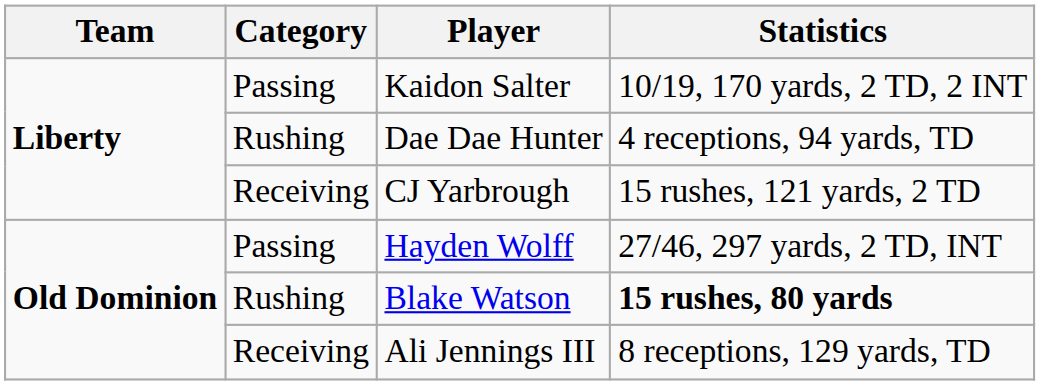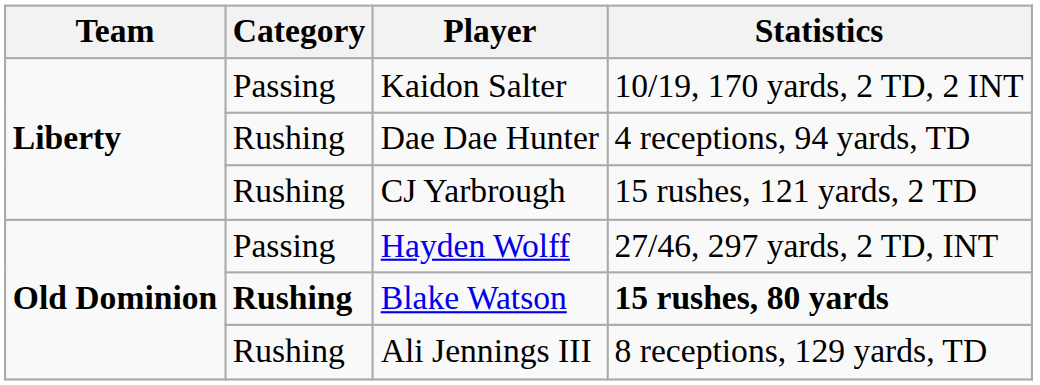 <table class="wikitable" style="float: left;">
 <tr>
 <th>Team</th>
 <th>Category</th>
 <th>Player</th>
 <th>Statistics</th>
 </tr>
 <tr>
 <td rowspan=3><strong>Liberty</strong></td>
 <td>Passing</td>
 <td>Kaidon Salter</td>
 <td>10/19, 170 yards, 2 TD, 2 INT</td>
 </tr>
 <tr>
 <td>Rushing</td>
 <td>Dae Dae Hunter</td>
 <td>4 receptions, 94 yards, TD</td>
 </tr>
 <tr>
-<td>Receiving</td>
+<td>Rushing</td>
 <td>CJ Yarbrough</td>
 <td>15 rushes, 121 yards, 2 TD</td>
 </tr>
 <tr>
 <td rowspan=3><strong>Old Dominion</strong></td>
 <td>Passing</td>
 <td><a href='#'>Hayden Wolff</a></td>
 <td>27/46, 297 yards, 2 TD, INT</td>
 </tr>
 <tr>
-<td>Rushing</td>
+<td><strong>Rushing</strong></td>
 <td><a href='#'>Blake Watson</a></td>
 <td><strong>15 rushes, 80 yards</strong></td>
 </tr>
 <tr>
-<td>Receiving</td>
+<td>Rushing</td>
 <td>Ali Jennings III</td>
 <td>8 receptions, 129 yards, TD</td>
 </tr>
 </table>
